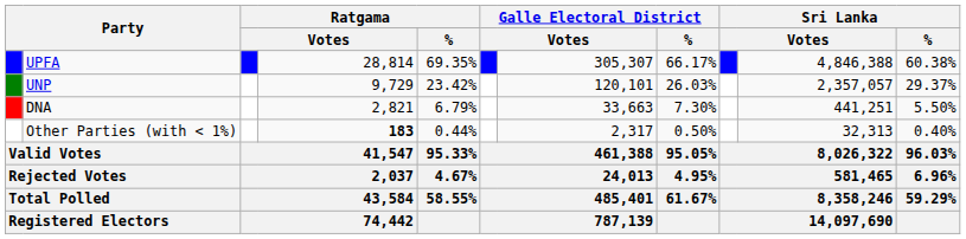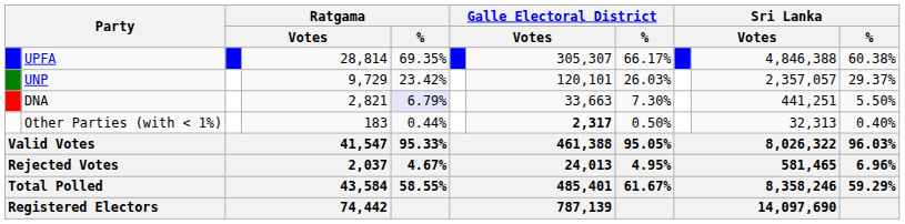 <table class="wikitable">
 <tr>
 <th colspan="2" width="144px"rowspan="2">Party</th>
 <th colspan="3" width="216px">Ratgama</th>
 <th colspan="3" width="216px"><a href='#'>Galle Electoral District</a></th>
 <th colspan="3" width="216px">Sri Lanka</th>
 </tr>
 <tr>
 <th colspan="2" width="144px">Votes</th>
 <th>%</th>
 <th colspan="2" width="144px">Votes</th>
 <th>%</th>
 <th colspan="2" width="144px">Votes</th>
 <th>%</th>
 </tr>
 <tr>
 <td style="background-color:blue;" width="10px"></td>
 <td style="text-align:left;"><a href='#'>UPFA</a></td>
 <td style="background-color:blue;" width="10px"></td>
 <td style="text-align:right;">28,814</td>
 <td style="text-align:right;">69.35%</td>
 <td style="background-color:blue;" width="10px"></td>
 <td style="text-align:right;">305,307</td>
 <td style="text-align:right;">66.17%</td>
 <td style="background-color:blue;" width="10px"></td>
 <td style="text-align:right;">4,846,388</td>
 <td style="text-align:right;">60.38%</td>
 </tr>
 <tr>
 <td style="background-color:green;" width="10px"></td>
 <td style="text-align:left;"><a href='#'>UNP</a></td>
 <td style="background-color:white;" width="10px"></td>
 <td style="text-align:right;">9,729</td>
 <td style="text-align:right;">23.42%</td>
 <td style="background-color:white;" width="10px"></td>
 <td style="text-align:right;">120,101</td>
 <td style="text-align:right;">26.03%</td>
 <td style="background-color:white;" width="10px"></td>
 <td style="text-align:right;">2,357,057</td>
 <td style="text-align:right;">29.37%</td>
 </tr>
 <tr>
 <td style="background-color:red;" width="10px"></td>
 <td style="text-align:left;">DNA</td>
 <td style="background-color:white;" width="10px"></td>
 <td style="text-align:right;">2,821</td>
-<td style="text-align:right;">6.79%</td>
+<td style="background: lavender; text-align:right;">6.79%</td>
 <td style="background-color:white;" width="10px"></td>
 <td style="text-align:right;">33,663</td>
 <td style="text-align:right;">7.30%</td>
 <td style="background-color:white;" width="10px"></td>
 <td style="text-align:right;">441,251</td>
 <td style="text-align:right;">5.50%</td>
 </tr>
 <tr>
 <td style="background-color:white;" width="10px"></td>
 <td style="text-align:left;">Other Parties (with < 1%)</td>
 <td style="background-color:white;" width="10px"></td>
-<td style="text-align:right;"><strong>183</strong></td>
+<td style="text-align:right;">183</td>
 <td style="text-align:right;">0.44%</td>
 <td style="background-color:white;" width="10px"></td>
-<td style="text-align:right;">2,317</td>
+<td style="text-align:right;"><strong>2,317</strong></td>
 <td style="text-align:right;">0.50%</td>
 <td style="background-color:white;" width="10px"></td>
 <td style="text-align:right;">32,313</td>
 <td style="text-align:right;">0.40%</td>
 </tr>
 <tr>
 <th colspan="2" width="144px"style="text-align:left;">Valid Votes</th>
 <th style="text-align:right;"colspan="2" width="144px">41,547</th>
 <th style="text-align:right;">95.33%</th>
 <th style="text-align:right;"colspan="2" width="144px">461,388</th>
 <th style="text-align:right;">95.05%</th>
 <th style="text-align:right;"colspan="2" width="144px">8,026,322</th>
 <th style="text-align:right;">96.03%</th>
 </tr>
 <tr>
 <th colspan="2" width="144px"style="text-align:left;">Rejected Votes</th>
 <th style="text-align:right;"colspan="2" width="144px">2,037</th>
 <th style="text-align:right;">4.67%</th>
 <th style="text-align:right;"colspan="2" width="144px">24,013</th>
 <th style="text-align:right;">4.95%</th>
 <th style="text-align:right;"colspan="2" width="144px">581,465</th>
 <th style="text-align:right;">6.96%</th>
 </tr>
 <tr>
 <th colspan="2" width="144px"style="text-align:left;">Total Polled</th>
 <th style="text-align:right;"colspan="2" width="144px">43,584</th>
 <th style="text-align:right;">58.55%</th>
 <th style="text-align:right;"colspan="2" width="144px">485,401</th>
 <th style="text-align:right;">61.67%</th>
 <th style="text-align:right;"colspan="2" width="144px">8,358,246</th>
 <th style="text-align:right;">59.29%</th>
 </tr>
 <tr>
 <th colspan="2" width="144px"style="text-align:left;">Registered Electors</th>
 <th style="text-align:right;"colspan="2" width="144px">74,442</th>
 <th></th>
 <th style="text-align:right;"colspan="2" width="144px">787,139</th>
 <th></th>
 <th style="text-align:right;"colspan="2" width="144px">14,097,690</th>
 <th></th>
 </tr>
 </table>
